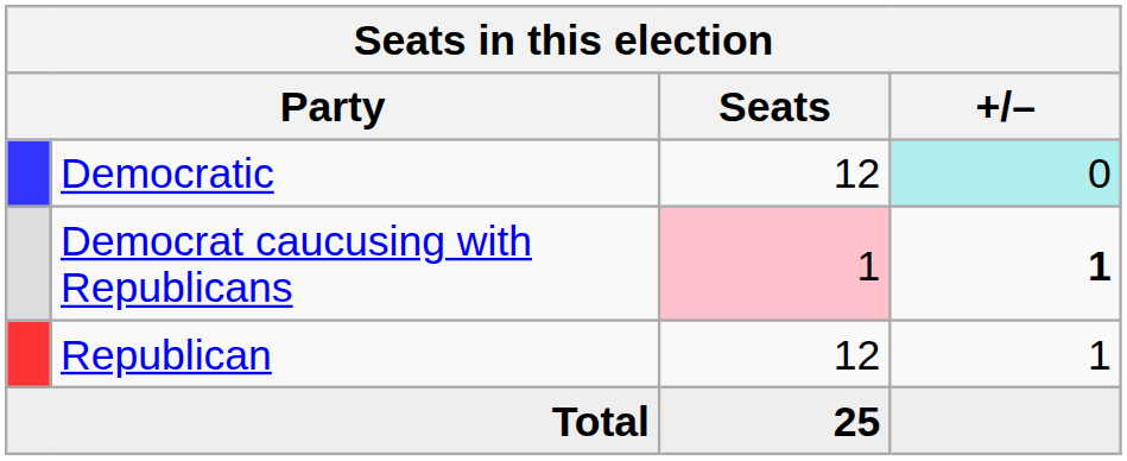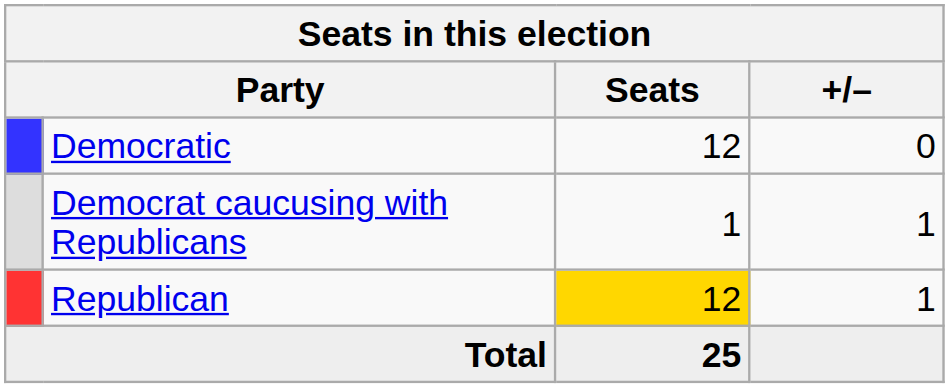 <table class="wikitable" style="font-size:95%;">
 <tr>
 <th colspan="6">Seats in this election</th>
 </tr>
 <tr>
 <th colspan=2 style="width: 15em">Party</th>
 <th style="width: 5em">Seats</th>
 <th style="width: 5em">+/–</th>
 </tr>
 <tr>
 <th style="background:#33f; width:3px;"></th>
 <td style="width: 130px"><a href='#'>Democratic</a></td>
 <td style="text-align:right;">12</td>
-<td style="background: paleturquoise; text-align:right;">0</td>
+<td style="text-align:right;">0</td>
 </tr>
 <tr>
 <th style="background:#ddd; width:3px;"></th>
 <td style="width: 130px"><a href='#'>Democrat caucusing with Republicans</a></td>
-<td style="background: pink; text-align:right;">1</td>
-<td style="text-align:right;"><strong> 1</strong></td>
+<td style="text-align:right;">1</td>
+<td style="text-align:right;"> 1</td>
 </tr>
 <tr>
 <th style="background:#f33; width:3px;"></th>
 <td style="width: 130px"><a href='#'>Republican</a></td>
-<td style="text-align:right;">12</td>
+<td style="background: gold; text-align:right;">12</td>
 <td style="text-align:right;"> 1</td>
 </tr>
 <tr style="background:#eee; text-align:right;">
 <td colspan="2"><strong>Total</strong></td>
 <td><strong>25</strong></td>
 <td></td>
 </tr>
 </table>
